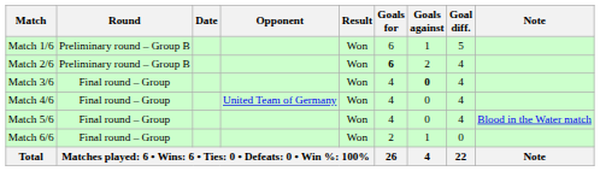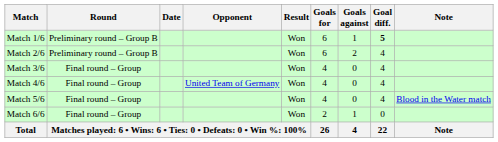 <table class="wikitable sortable" style="text-align: center; font-size: 85%; margin-left: 1em;">
 <tr>
 <th>Match</th>
 <th>Round</th>
 <th>Date</th>
 <th>Opponent</th>
 <th>Result</th>
 <th>Goals<br>for</th>
 <th>Goals<br>against</th>
 <th>Goal<br>diff.</th>
 <th>Note</th>
 </tr>
 <tr style="background-color: #ccffcc;" !! Note>
 <td>Match 1/6</td>
 <td>Preliminary round – Group B</td>
 <td style="text-align: right;"></td>
 <td style="text-align: left;"></td>
 <td>Won</td>
 <td>6</td>
 <td>1</td>
-<td>5</td>
+<td><strong>5</strong></td>
 <td></td>
 </tr>
 <tr style="background-color: #ccffcc;">
 <td>Match 2/6</td>
 <td>Preliminary round – Group B</td>
 <td style="text-align: right;"></td>
 <td style="text-align: left;"></td>
 <td>Won</td>
-<td><strong>6</strong></td>
+<td>6</td>
 <td>2</td>
 <td>4</td>
 <td></td>
 </tr>
 <tr style="background-color: #ccffcc;">
 <td>Match 3/6</td>
 <td>Final round – Group</td>
 <td style="text-align: right;"></td>
 <td style="text-align: left;"></td>
 <td>Won</td>
 <td>4</td>
-<td><strong>0</strong></td>
+<td>0</td>
 <td>4</td>
 <td></td>
 </tr>
 <tr style="background-color: #ccffcc;">
 <td>Match 4/6</td>
 <td>Final round – Group</td>
 <td style="text-align: right;"></td>
 <td style="text-align: left;" data-sort-value="United Team of Germany"> <a href='#'>United Team of Germany</a></td>
 <td>Won</td>
 <td>4</td>
 <td>0</td>
 <td>4</td>
 <td></td>
 </tr>
 <tr style="background-color: #ccffcc;">
 <td>Match 5/6</td>
 <td>Final round – Group</td>
 <td style="text-align: right;"></td>
 <td style="text-align: left;"></td>
 <td>Won</td>
 <td>4</td>
 <td>0</td>
 <td>4</td>
 <td style="text-align: left;"><a href='#'>Blood in the Water match</a></td>
 </tr>
 <tr style="background-color: #ccffcc;">
 <td>Match 6/6</td>
 <td>Final round – Group</td>
 <td style="text-align: right;"></td>
 <td style="text-align: left;"></td>
 <td>Won</td>
 <td>2</td>
 <td>1</td>
 <td>0</td>
 <td></td>
 </tr>
 <tr>
 <th>Total</th>
 <th colspan="4">Matches played: 6 • Wins: 6 • Ties: 0 • Defeats: 0 • Win %: 100%</th>
 <th>26</th>
 <th>4</th>
 <th>22</th>
 <th>Note</th>
 </tr>
 </table>
